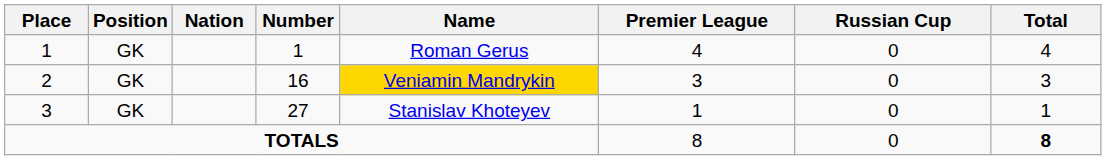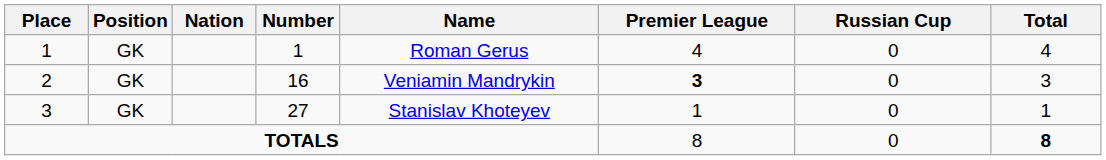 <table class="wikitable" style="font-size: 95%; text-align: center;">
 <tr>
 <th width=60>Place</th>
 <th width=60>Position</th>
 <th width=60>Nation</th>
 <th width=60>Number</th>
 <th width=200>Name</th>
 <th width=150>Premier League</th>
 <th width=150>Russian Cup</th>
 <th width=80>Total</th>
 </tr>
 <tr>
 <td>1</td>
 <td>GK</td>
 <td></td>
 <td>1</td>
 <td><a href='#'>Roman Gerus</a></td>
 <td>4</td>
 <td>0</td>
 <td>4</td>
 </tr>
 <tr>
 <td>2</td>
 <td>GK</td>
 <td></td>
 <td>16</td>
-<td style="background: gold;"><a href='#'>Veniamin Mandrykin</a></td>
-<td>3</td>
+<td><a href='#'>Veniamin Mandrykin</a></td>
+<td><strong>3</strong></td>
 <td>0</td>
 <td>3</td>
 </tr>
 <tr>
 <td>3</td>
 <td>GK</td>
 <td></td>
 <td>27</td>
 <td><a href='#'>Stanislav Khoteyev</a></td>
 <td>1</td>
 <td>0</td>
 <td>1</td>
 </tr>
 <tr>
 <td colspan="5"><strong>TOTALS</strong></td>
 <td>8</td>
 <td>0</td>
 <td><strong>8</strong></td>
 </tr>
 </table>
